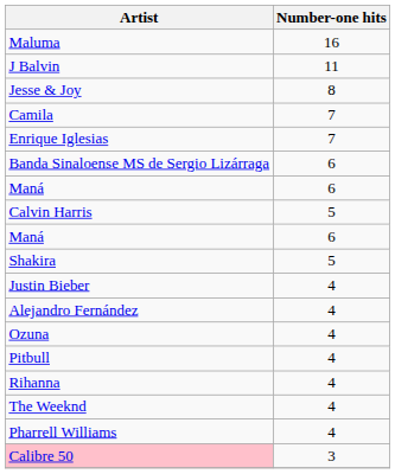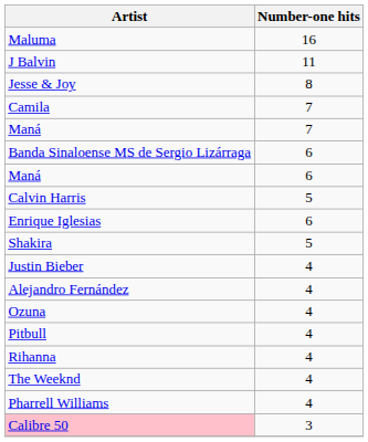 <table class="wikitable sortable" border="1" style="text-align: center;">
 <tr>
 <th>Artist</th>
 <th>Number-one hits</th>
 </tr>
 <tr>
 <td align=left><a href='#'>Maluma</a></td>
 <td>16</td>
 </tr>
 <tr>
 <td align=left><a href='#'>J Balvin</a></td>
 <td>11</td>
 </tr>
 <tr>
 <td align=left><a href='#'>Jesse & Joy</a></td>
 <td>8</td>
 </tr>
 <tr>
 <td align=left><a href='#'>Camila</a></td>
 <td>7</td>
 </tr>
 <tr>
-<td align=left><a href='#'>Enrique Iglesias</a></td>
+<td align=left><a href='#'>Maná</a></td>
 <td>7</td>
 </tr>
 <tr>
 <td align=left><a href='#'>Banda Sinaloense MS de Sergio Lizárraga</a></td>
 <td>6</td>
 </tr>
 <tr>
 <td align=left><a href='#'>Maná</a></td>
 <td>6</td>
 </tr>
 <tr>
 <td align=left><a href='#'>Calvin Harris</a></td>
 <td>5</td>
 </tr>
 <tr>
-<td align=left><a href='#'>Maná</a></td>
+<td align=left><a href='#'>Enrique Iglesias</a></td>
 <td>6</td>
 </tr>
 <tr>
 <td align=left><a href='#'>Shakira</a></td>
 <td>5</td>
 </tr>
 <tr>
 <td align=left><a href='#'>Justin Bieber</a></td>
 <td>4</td>
 </tr>
 <tr>
 <td align=left><a href='#'>Alejandro Fernández</a></td>
 <td>4</td>
 </tr>
 <tr>
 <td align=left><a href='#'>Ozuna</a></td>
 <td>4</td>
 </tr>
 <tr>
 <td align=left><a href='#'>Pitbull</a></td>
 <td>4</td>
 </tr>
 <tr>
 <td align=left><a href='#'>Rihanna</a></td>
 <td>4</td>
 </tr>
 <tr>
 <td align=left><a href='#'>The Weeknd</a></td>
 <td>4</td>
 </tr>
 <tr>
 <td align=left><a href='#'>Pharrell Williams</a></td>
 <td>4</td>
 </tr>
 <tr>
 <td align=left style="background: pink;"><a href='#'>Calibre 50</a></td>
 <td>3</td>
 </tr>
 <tr>
 </tr>
 </table>
